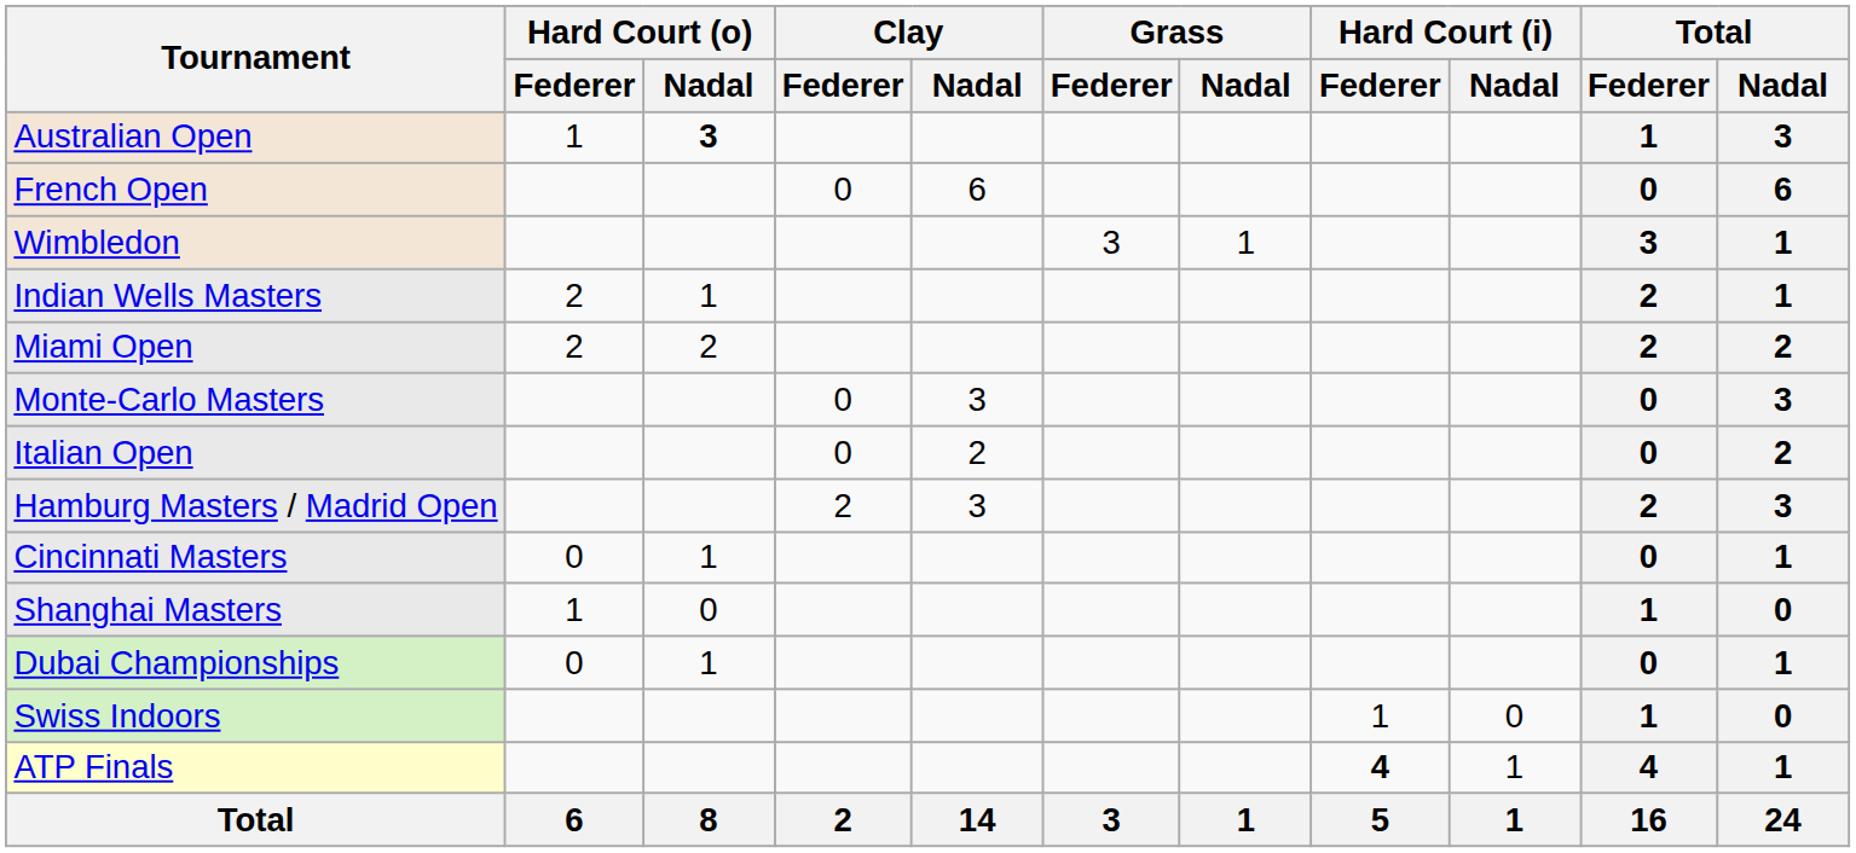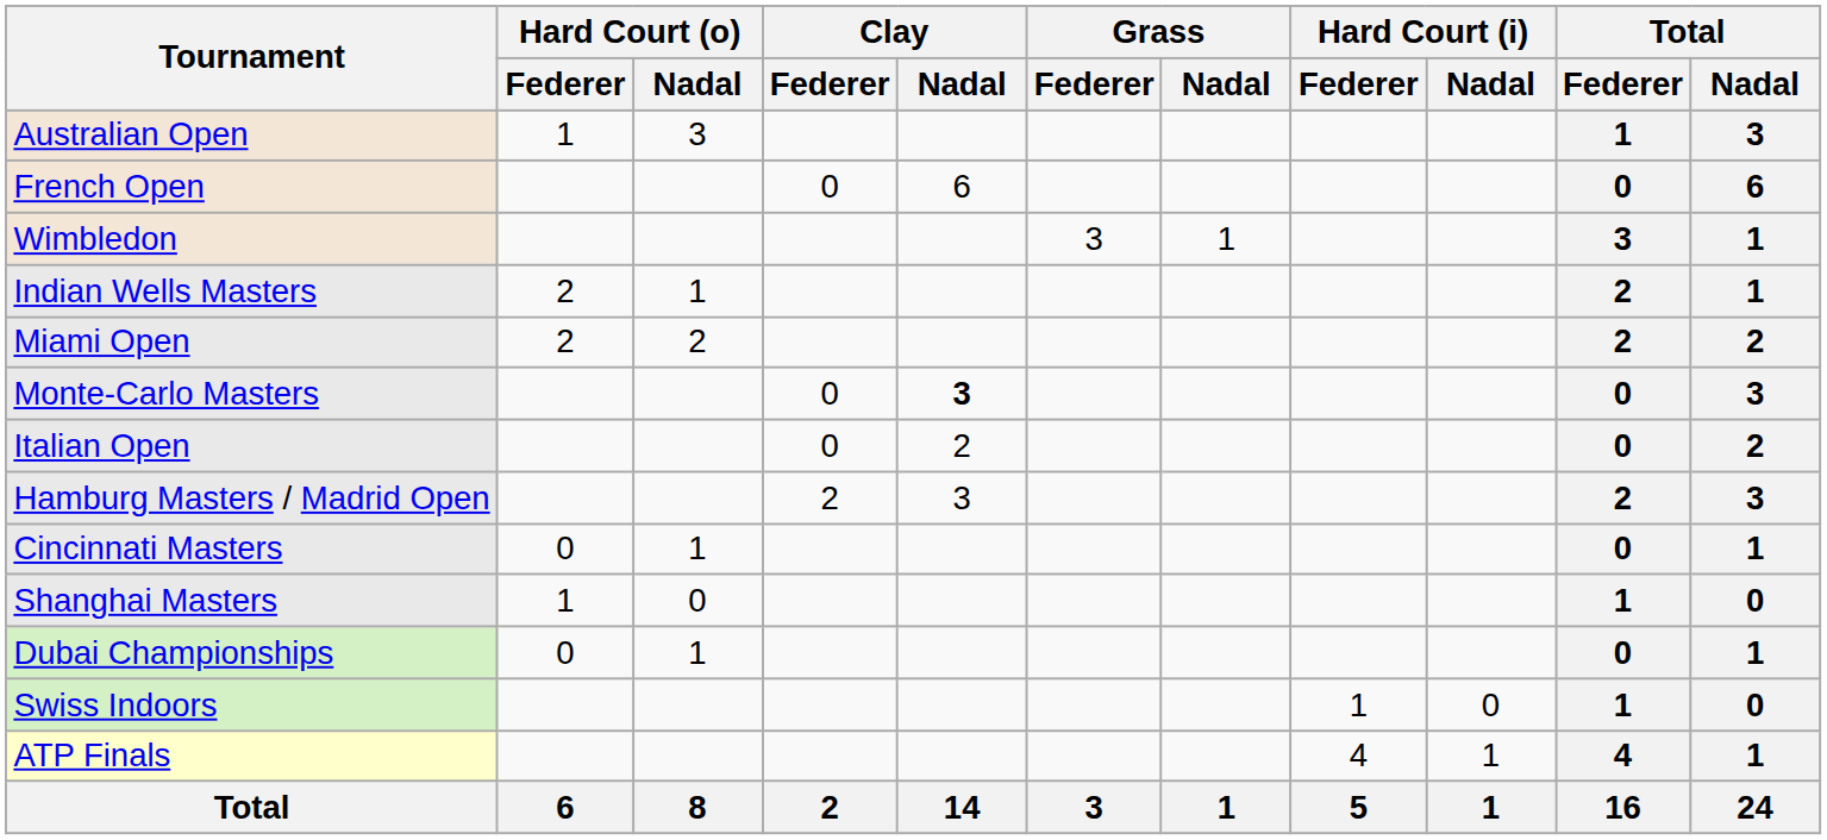 <table class=wikitable style=text-align:center;font-size:90%>
 <tr>
 <th rowspan=2>Tournament</th>
 <th colspan=2>Hard Court (o)</th>
 <th colspan=2>Clay</th>
 <th colspan=2>Grass</th>
 <th colspan=2>Hard Court (i)</th>
 <th colspan=2>Total</th>
 </tr>
 <tr>
 <th style=width:50px>Federer</th>
 <th style=width:50px>Nadal</th>
 <th style=width:50px>Federer</th>
 <th style=width:50px>Nadal</th>
 <th style=width:50px>Federer</th>
 <th style=width:50px>Nadal</th>
 <th style=width:50px>Federer</th>
 <th style=width:50px>Nadal</th>
 <th style=width:50px>Federer</th>
 <th style=width:50px>Nadal</th>
 </tr>
 <tr>
 <td style="text-align: left;background:#f3e6d7;"><a href='#'>Australian Open</a></td>
 <td>1</td>
-<td><strong>3</strong></td>
+<td>3</td>
 <td></td>
 <td></td>
 <td></td>
 <td></td>
 <td></td>
 <td></td>
 <th>1</th>
 <th>3</th>
 </tr>
 <tr>
 <td style="text-align: left;background:#f3e6d7;"><a href='#'>French Open</a></td>
 <td></td>
 <td></td>
 <td>0</td>
 <td>6</td>
 <td></td>
 <td></td>
 <td></td>
 <td></td>
 <th>0</th>
 <th>6</th>
 </tr>
 <tr>
 <td style="text-align: left;background:#f3e6d7;"><a href='#'>Wimbledon</a></td>
 <td></td>
 <td></td>
 <td></td>
 <td></td>
 <td>3</td>
 <td>1</td>
 <td></td>
 <td></td>
 <th>3</th>
 <th>1</th>
 </tr>
 <tr>
 <td style="text-align: left;background:#e9e9e9;"><a href='#'>Indian Wells Masters</a></td>
 <td>2</td>
 <td>1</td>
 <td></td>
 <td></td>
 <td></td>
 <td></td>
 <td></td>
 <td></td>
 <th>2</th>
 <th>1</th>
 </tr>
 <tr>
 <td style="text-align: left;background:#e9e9e9;"><a href='#'>Miami Open</a></td>
 <td>2</td>
 <td>2</td>
 <td></td>
 <td></td>
 <td></td>
 <td></td>
 <td></td>
 <td></td>
 <th>2</th>
 <th>2</th>
 </tr>
 <tr>
 <td style="text-align: left;background:#e9e9e9;"><a href='#'>Monte-Carlo Masters</a></td>
 <td></td>
 <td></td>
 <td>0</td>
-<td>3</td>
+<td><strong>3</strong></td>
 <td></td>
 <td></td>
 <td></td>
 <td></td>
 <th>0</th>
 <th>3</th>
 </tr>
 <tr>
 <td style="text-align: left;background:#e9e9e9;"><a href='#'>Italian Open</a></td>
 <td></td>
 <td></td>
 <td>0</td>
 <td>2</td>
 <td></td>
 <td></td>
 <td></td>
 <td></td>
 <th>0</th>
 <th>2</th>
 </tr>
 <tr>
 <td style="text-align: left;background:#e9e9e9;"><a href='#'>Hamburg Masters</a> / <a href='#'>Madrid Open</a></td>
 <td></td>
 <td></td>
 <td>2</td>
 <td>3</td>
 <td></td>
 <td></td>
 <td></td>
 <td></td>
 <th>2</th>
 <th>3</th>
 </tr>
 <tr>
 <td style="text-align: left;background:#e9e9e9;"><a href='#'>Cincinnati Masters</a></td>
 <td>0</td>
 <td>1</td>
 <td></td>
 <td></td>
 <td></td>
 <td></td>
 <td></td>
 <td></td>
 <th>0</th>
 <th>1</th>
 </tr>
 <tr>
 <td style="text-align: left;background:#e9e9e9;"><a href='#'>Shanghai Masters</a></td>
 <td>1</td>
 <td>0</td>
 <td></td>
 <td></td>
 <td></td>
 <td></td>
 <td></td>
 <td></td>
 <th>1</th>
 <th>0</th>
 </tr>
 <tr>
 <td style="text-align: left;background:#d4f1c5;"><a href='#'>Dubai Championships</a></td>
 <td>0</td>
 <td>1</td>
 <td></td>
 <td></td>
 <td></td>
 <td></td>
 <td></td>
 <td></td>
 <th>0</th>
 <th>1</th>
 </tr>
 <tr>
 <td style="text-align: left;background:#d4f1c5;"><a href='#'>Swiss Indoors</a></td>
 <td></td>
 <td></td>
 <td></td>
 <td></td>
 <td></td>
 <td></td>
 <td>1</td>
 <td>0</td>
 <th>1</th>
 <th>0</th>
 </tr>
 <tr>
 <td style="text-align: left;background:#ffc;"><a href='#'>ATP Finals</a></td>
 <td></td>
 <td></td>
 <td></td>
 <td></td>
 <td></td>
 <td></td>
-<td><strong>4</strong></td>
+<td>4</td>
 <td>1</td>
 <th>4</th>
 <th>1</th>
 </tr>
 <tr>
 <th>Total</th>
 <th>6</th>
 <th>8</th>
 <th>2</th>
 <th>14</th>
 <th>3</th>
 <th>1</th>
 <th>5</th>
 <th>1</th>
 <th>16</th>
 <th>24</th>
 </tr>
 </table>
